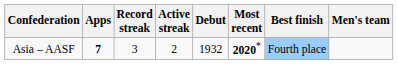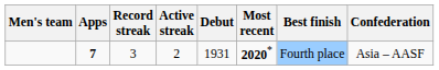 <table class="wikitable" style="text-align: center; font-size: 90%; margin-left: 1em;">
 <tr>
-<th>Confederation</th>
+<th>Men's team</th>
 <th>Apps</th>
 <th>Record<br>streak</th>
 <th>Active<br>streak</th>
 <th>Debut</th>
 <th>Most<br>recent</th>
 <th>Best finish</th>
-<th>Men's team</th>
+<th>Confederation</th>
 </tr>
 <tr>
-<td>Asia – AASF</td>
+<td style="text-align: left;"></td>
 <td><strong>7</strong></td>
 <td>3</td>
 <td>2</td>
-<td>1932</td>
+<td>1931</td>
 <td><strong>2020</strong><sup>*</sup></td>
 <td style="background-color: #9acdff;">Fourth place</td>
-<td style="text-align: left;"></td>
+<td>Asia – AASF</td>
 </tr>
 </table>
